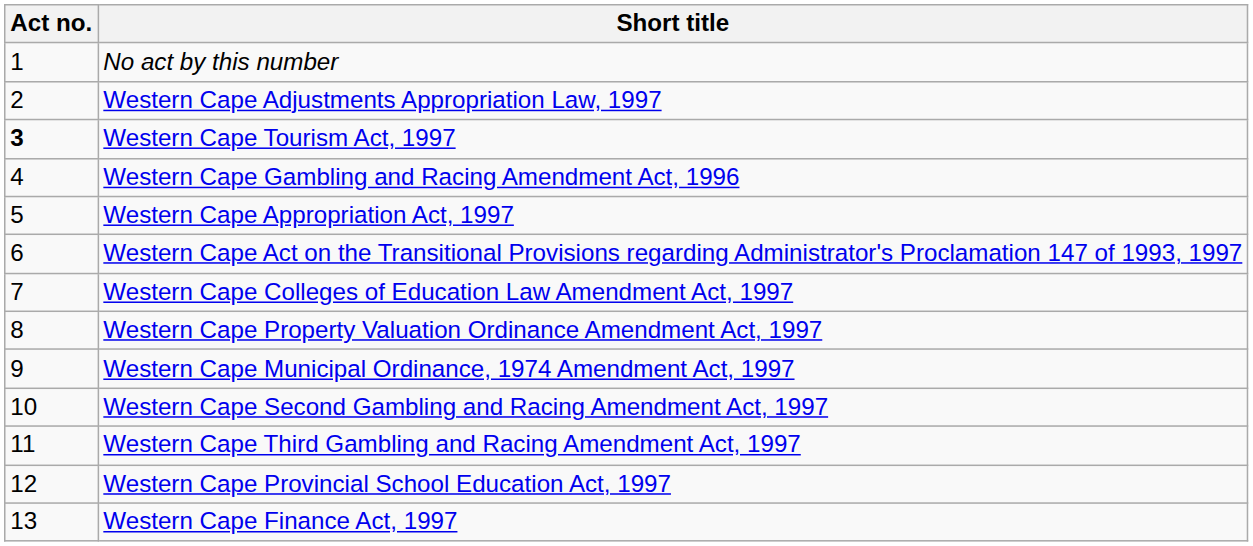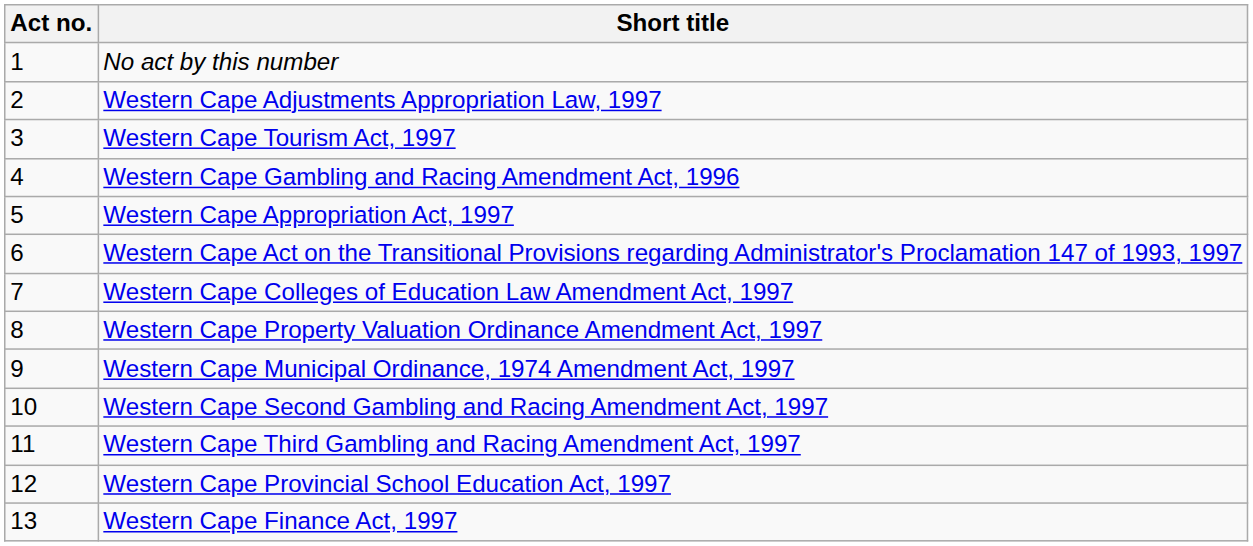 <table class="wikitable">
 <tr>
 <th>Act no.</th>
 <th>Short title</th>
 </tr>
 <tr>
 <td>1</td>
 <td><em>No act by this number</em></td>
 </tr>
 <tr>
 <td>2</td>
 <td><a href='#'>Western Cape Adjustments Appropriation Law, 1997</a></td>
 </tr>
 <tr>
-<td><strong>3</strong></td>
+<td>3</td>
 <td><a href='#'>Western Cape Tourism Act, 1997</a></td>
 </tr>
 <tr>
 <td>4</td>
 <td><a href='#'>Western Cape Gambling and Racing Amendment Act, 1996</a></td>
 </tr>
 <tr>
 <td>5</td>
 <td><a href='#'>Western Cape Appropriation Act, 1997</a></td>
 </tr>
 <tr>
 <td>6</td>
 <td><a href='#'>Western Cape Act on the Transitional Provisions regarding Administrator's Proclamation 147 of 1993, 1997</a></td>
 </tr>
 <tr>
 <td>7</td>
 <td><a href='#'>Western Cape Colleges of Education Law Amendment Act, 1997</a></td>
 </tr>
 <tr>
 <td>8</td>
 <td><a href='#'>Western Cape Property Valuation Ordinance Amendment Act, 1997</a></td>
 </tr>
 <tr>
 <td>9</td>
 <td><a href='#'>Western Cape Municipal Ordinance, 1974 Amendment Act, 1997</a></td>
 </tr>
 <tr>
 <td>10</td>
 <td><a href='#'>Western Cape Second Gambling and Racing Amendment Act, 1997</a></td>
 </tr>
 <tr>
 <td>11</td>
 <td><a href='#'>Western Cape Third Gambling and Racing Amendment Act, 1997</a></td>
 </tr>
 <tr>
 <td>12</td>
 <td><a href='#'>Western Cape Provincial School Education Act, 1997</a></td>
 </tr>
 <tr>
 <td>13</td>
 <td><a href='#'>Western Cape Finance Act, 1997</a></td>
 </tr>
 </table>
